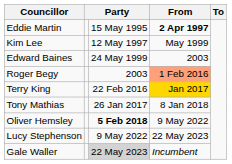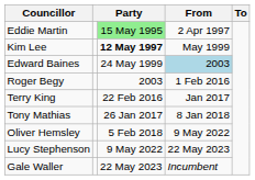 <table class=wikitable>
 <tr>
 <th>Councillor</th>
 <th colspan=2>Party</th>
 <th>From</th>
 <th>To</th>
 </tr>
 <tr>
 <td>Eddie Martin</td>
 <td></td>
-<td align=right>15 May 1995</td>
-<td align=right><strong>2 Apr 1997</strong></td>
+<td align=right style="background: lightgreen;">15 May 1995</td>
+<td align=right>2 Apr 1997</td>
 </tr>
 <tr>
 <td>Kim Lee</td>
 <td></td>
-<td align=right>12 May 1997</td>
+<td align=right><strong>12 May 1997</strong></td>
 <td align=right>May 1999</td>
 </tr>
 <tr>
 <td>Edward Baines</td>
 <td></td>
 <td align=right>24 May 1999</td>
-<td align=right>2003</td>
+<td align=right style="background: lightblue;">2003</td>
 </tr>
 <tr>
 <td>Roger Begy</td>
 <td></td>
 <td align=right>2003</td>
-<td align=right style="background: lightsalmon;">1 Feb 2016</td>
+<td align=right>1 Feb 2016</td>
 </tr>
 <tr>
 <td>Terry King</td>
 <td></td>
 <td align=right>22 Feb 2016</td>
-<td align=right style="background: gold;">Jan 2017</td>
+<td align=right>Jan 2017</td>
 </tr>
 <tr>
 <td>Tony Mathias</td>
 <td></td>
 <td align=right>26 Jan 2017</td>
 <td align=right>8 Jan 2018</td>
 </tr>
 <tr>
 <td>Oliver Hemsley</td>
 <td></td>
-<td align=right><strong>5 Feb 2018</strong></td>
+<td align=right>5 Feb 2018</td>
 <td align=right>9 May 2022</td>
 </tr>
 <tr>
 <td>Lucy Stephenson</td>
 <td></td>
 <td align=right>9 May 2022</td>
 <td>22 May 2023</td>
 </tr>
 <tr>
 <td>Gale Waller</td>
 <td></td>
-<td style="background: lightgrey;">22 May 2023</td>
+<td>22 May 2023</td>
 <td><em>Incumbent</em></td>
 </tr>
 </table>
